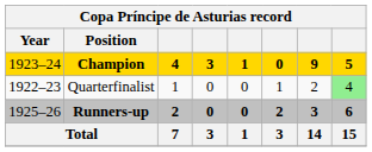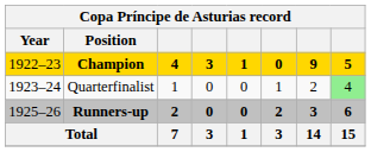 <table class="wikitable" style="text-align: center;">
 <tr>
 <th colspan=9>Copa Príncipe de Asturias record</th>
 </tr>
 <tr>
 <th>Year</th>
 <th>Position</th>
 <th width=30></th>
 <th width=30></th>
 <th width=30></th>
 <th width=30></th>
 <th width=30></th>
 <th width=30></th>
 </tr>
 <tr bgcolor=gold>
-<td>1923–24</td>
+<td>1922–23</td>
 <td><strong>Champion</strong></td>
 <td><strong>4</strong></td>
 <td><strong>3</strong></td>
 <td><strong>1</strong></td>
 <td><strong>0</strong></td>
 <td><strong>9</strong></td>
 <td><strong>5</strong></td>
 </tr>
 <tr>
-<td>1922–23</td>
+<td>1923–24</td>
 <td>Quarterfinalist</td>
 <td>1</td>
 <td>0</td>
 <td>0</td>
 <td>1</td>
 <td>2</td>
 <td style="background: lightgreen;">4</td>
 </tr>
 <tr bgcolor=silver>
 <td>1925–26</td>
 <td><strong>Runners-up</strong></td>
 <td><strong>2</strong></td>
 <td><strong>0</strong></td>
 <td><strong>0</strong></td>
 <td><strong>2</strong></td>
 <td><strong>3</strong></td>
 <td><strong>6</strong></td>
 </tr>
 <tr>
 <th colspan=2>Total</th>
 <th>7</th>
 <th>3</th>
 <th>1</th>
 <th>3</th>
 <th>14</th>
 <th>15</th>
 </tr>
 <tr>
 </tr>
 </table>
